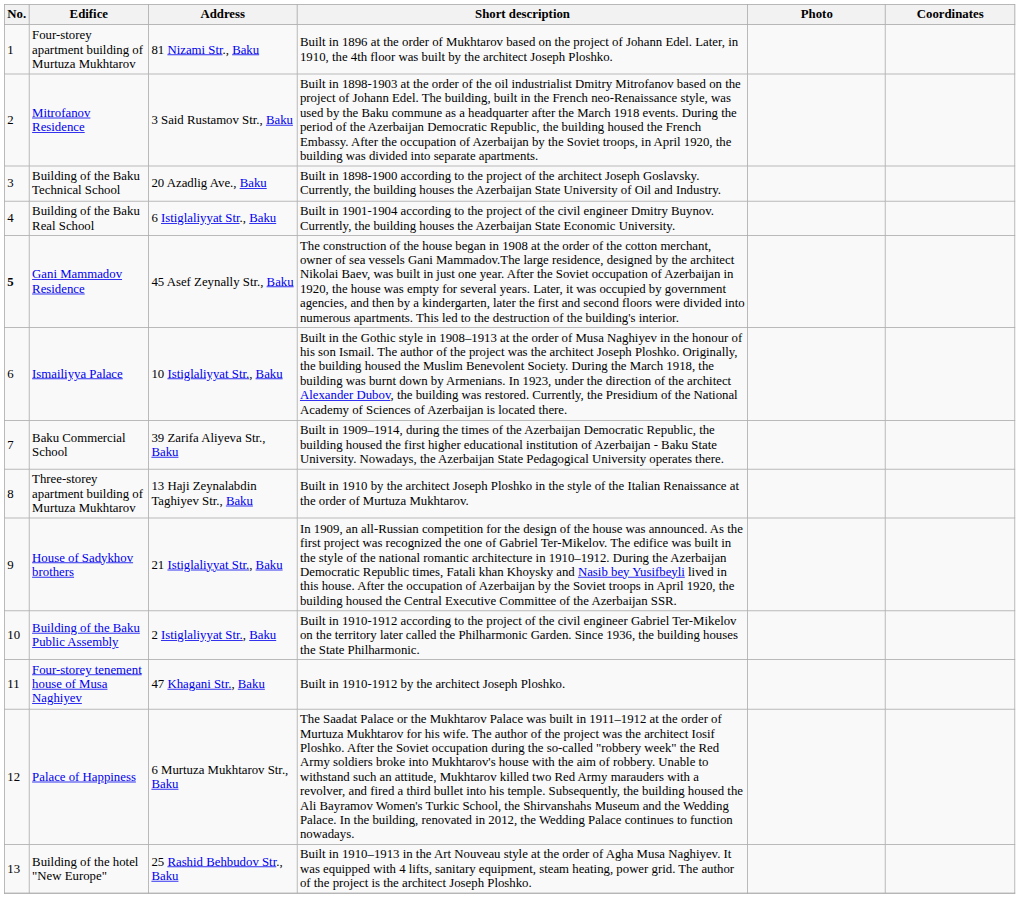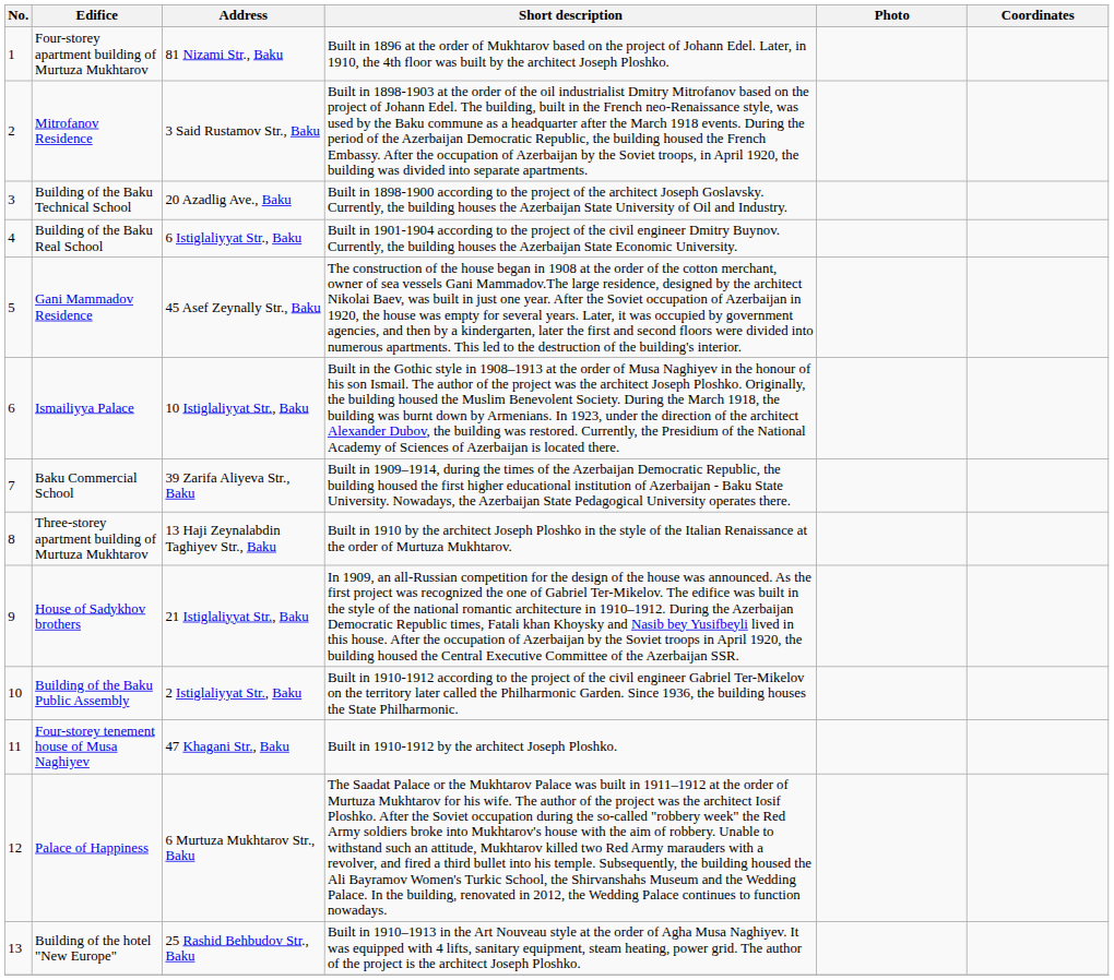 <table class="wikitable" width=100%>
 <tr bgcolor="#CCCCCC">
 <th width=15px>No.</th>
 <th width=12%>Edifice</th>
 <th width=15%>Address</th>
 <th width=46%>Short description</th>
 <th width=14%>Photo</th>
 <th width=13%>Coordinates</th>
 </tr>
 <tr>
 <td>1</td>
 <td>Four-storey apartment building of Murtuza Mukhtarov</td>
 <td> 81 <a href='#'>Nizami Str</a>., <a href='#'>Baku</a></td>
 <td>Built in 1896 at the order of Mukhtarov based on the project of Johann Edel.  Later, in 1910, the 4th floor was built by the architect Joseph Ploshko.</td>
 <td></td>
 <td></td>
 </tr>
 <tr>
 <td>2</td>
 <td><a href='#'>Mitrofanov Residence</a></td>
 <td> 3 Said Rustamov Str., <a href='#'>Baku</a></td>
 <td>Built in 1898-1903  at the order of the oil industrialist Dmitry Mitrofanov based on the project of Johann Edel.  The building, built in the French neo-Renaissance style, was used by the Baku commune as a headquarter after the March 1918 events. During the period of the Azerbaijan Democratic Republic, the building housed the French Embassy. After the occupation of Azerbaijan by the Soviet troops, in April 1920, the building was divided into separate apartments.</td>
 <td></td>
 <td></td>
 </tr>
 <tr>
 <td>3</td>
 <td>Building of the Baku Technical School</td>
 <td> 20 Azadlig Ave., <a href='#'>Baku</a></td>
 <td>Built in 1898-1900  according to the project of the architect Joseph Goslavsky. Currently, the building houses the Azerbaijan State University of Oil and Industry.</td>
 <td></td>
 <td></td>
 </tr>
 <tr>
 <td>4</td>
 <td>Building of the Baku Real School</td>
 <td> 6 <a href='#'>Istiglaliyyat Str</a>., <a href='#'>Baku</a></td>
 <td>Built in 1901-1904 according to the project of the civil engineer Dmitry Buynov. Currently, the building houses the Azerbaijan State Economic University.</td>
 <td></td>
 <td></td>
 </tr>
 <tr>
-<td><strong>5</strong></td>
+<td>5</td>
 <td><a href='#'>Gani Mammadov Residence</a></td>
 <td> 45 Asef Zeynally Str., <a href='#'>Baku</a></td>
 <td>The construction of the house began in 1908 at the order of the cotton merchant, owner of sea vessels Gani Mammadov.The large residence, designed by the architect Nikolai Baev, was built in just one year. After the Soviet occupation of Azerbaijan in 1920, the house was empty for several years. Later, it was occupied by government agencies, and then by a kindergarten, later the first and second floors were divided into numerous apartments. This led to the destruction of the building's interior.</td>
 <td></td>
 <td></td>
 </tr>
 <tr>
 <td>6</td>
 <td><a href='#'>Ismailiyya Palace</a></td>
 <td> 10 <a href='#'>Istiglaliyyat Str.</a>, <a href='#'>Baku</a></td>
 <td>Built in the Gothic style  in 1908–1913 at the order of Musa Naghiyev in the honour of his son Ismail. The author of the project was the architect Joseph Ploshko. Originally, the building housed the Muslim Benevolent Society. During the March 1918, the building was burnt down by Armenians. In 1923, under the direction of the architect <a href='#'>Alexander Dubov</a>, the building was restored. Currently, the Presidium of the National Academy of Sciences of Azerbaijan is located there.</td>
 <td></td>
 <td></td>
 </tr>
 <tr>
 <td>7</td>
 <td>Baku Commercial School</td>
 <td> 39 Zarifa Aliyeva Str., <a href='#'>Baku</a></td>
 <td>Built in 1909–1914, during the times of the Azerbaijan Democratic Republic, the building housed the first higher educational institution of Azerbaijan - Baku State University. Nowadays, the Azerbaijan State Pedagogical University operates there.</td>
 <td></td>
 <td></td>
 </tr>
 <tr>
 <td>8</td>
 <td>Three-storey apartment building of Murtuza Mukhtarov</td>
 <td> 13 Haji Zeynalabdin Taghiyev Str., <a href='#'>Baku</a></td>
 <td>Built in 1910 by the architect Joseph Ploshko  in the style of the Italian Renaissance at the order of Murtuza Mukhtarov.</td>
 <td></td>
 <td></td>
 </tr>
 <tr>
 <td>9</td>
 <td><a href='#'>House of Sadykhov brothers</a></td>
 <td> 21 <a href='#'>Istiglaliyyat Str.</a>, <a href='#'>Baku</a></td>
 <td>In 1909, an all-Russian competition for the design of the house was announced. As the first project was recognized the one of Gabriel Ter-Mikelov. The edifice was built in the style of the national romantic architecture in 1910–1912. During the Azerbaijan Democratic Republic times, Fatali khan Khoysky and <a href='#'>Nasib bey Yusifbeyli</a> lived in this house. After the occupation of Azerbaijan by the Soviet troops in April 1920, the building housed the Central Executive Committee of the Azerbaijan SSR.</td>
 <td></td>
 <td></td>
 </tr>
 <tr>
 <td>10</td>
 <td><a href='#'>Building of the Baku Public Assembly</a></td>
 <td> 2 <a href='#'>Istiglaliyyat Str.</a>, <a href='#'>Baku</a></td>
 <td>Built in 1910-1912 according to the project of the civil engineer Gabriel Ter-Mikelov on the territory later called the Philharmonic Garden. Since 1936, the building houses the State Philharmonic.</td>
 <td></td>
 <td></td>
 </tr>
 <tr>
 <td>11</td>
 <td><a href='#'>Four-storey tenement house of Musa Naghiyev</a></td>
 <td> 47 <a href='#'>Khagani Str.</a>, <a href='#'>Baku</a></td>
 <td>Built in 1910-1912 by the architect Joseph Ploshko.</td>
 <td></td>
 <td></td>
 </tr>
 <tr>
 <td>12</td>
 <td><a href='#'>Palace of Happiness</a></td>
 <td> 6 Murtuza Mukhtarov Str., <a href='#'>Baku</a></td>
 <td>The Saadat Palace or the Mukhtarov Palace was built in 1911–1912 at the order of Murtuza Mukhtarov for his wife. The author of the project was the architect Iosif Ploshko. After the Soviet occupation during the so-called "robbery week" the Red Army soldiers broke into Mukhtarov's house with the aim of robbery. Unable to withstand such an attitude, Mukhtarov killed two Red Army marauders with a<br>revolver, and fired a third bullet into his temple. Subsequently, the building housed the Ali Bayramov Women's Turkic School, the Shirvanshahs Museum and the Wedding Palace. In the building, renovated in 2012, the Wedding Palace continues to function nowadays.</td>
 <td></td>
 <td></td>
 </tr>
 <tr>
 <td>13</td>
 <td>Building of the hotel "New Europe"</td>
 <td> 25 <a href='#'>Rashid Behbudov Str</a>., <a href='#'>Baku</a></td>
 <td>Built in 1910–1913 in the Art Nouveau style at the order of Agha Musa Naghiyev. It was equipped with 4 lifts, sanitary equipment, steam heating, power grid. The author of the project is the architect Joseph Ploshko.</td>
 <td></td>
 <td></td>
 </tr>
 <tr>
 </tr>
 </table>
